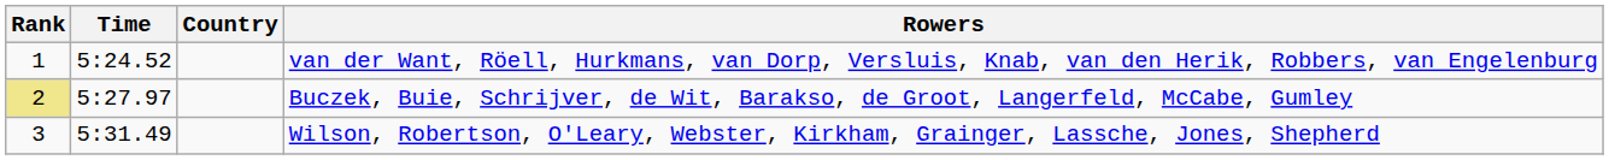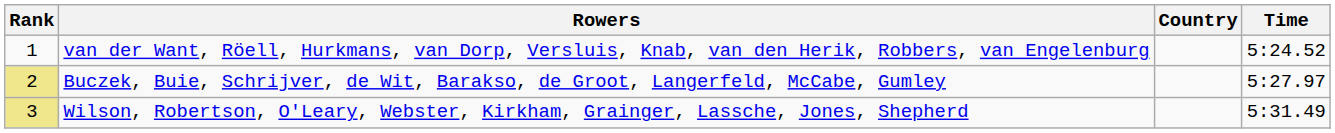 <table class="wikitable" style="text-align:center">
 <tr>
 <th>Rank</th>
+<th>Rowers</th>
+<th>Country</th>
 <th>Time</th>
-<th>Country</th>
-<th>Rowers</th>
 </tr>
 <tr>
 <td>1</td>
+<td align="left"><a href='#'>van der Want</a>, <a href='#'>Röell</a>, <a href='#'>Hurkmans</a>, <a href='#'>van Dorp</a>, <a href='#'>Versluis</a>, <a href='#'>Knab</a>, <a href='#'>van den Herik</a>, <a href='#'>Robbers</a>, <a href='#'>van Engelenburg</a></td>
+<td align="left"></td>
 <td>5:24.52</td>
-<td align="left"></td>
-<td align="left"><a href='#'>van der Want</a>, <a href='#'>Röell</a>, <a href='#'>Hurkmans</a>, <a href='#'>van Dorp</a>, <a href='#'>Versluis</a>, <a href='#'>Knab</a>, <a href='#'>van den Herik</a>, <a href='#'>Robbers</a>, <a href='#'>van Engelenburg</a></td>
 </tr>
 <tr>
 <td style="background: khaki;">2</td>
+<td align="left"><a href='#'>Buczek</a>, <a href='#'>Buie</a>, <a href='#'>Schrijver</a>, <a href='#'>de Wit</a>, <a href='#'>Barakso</a>, <a href='#'>de Groot</a>, <a href='#'>Langerfeld</a>, <a href='#'>McCabe</a>, <a href='#'>Gumley</a></td>
+<td align="left"></td>
 <td>5:27.97</td>
-<td align="left"></td>
-<td align="left"><a href='#'>Buczek</a>, <a href='#'>Buie</a>, <a href='#'>Schrijver</a>, <a href='#'>de Wit</a>, <a href='#'>Barakso</a>, <a href='#'>de Groot</a>, <a href='#'>Langerfeld</a>, <a href='#'>McCabe</a>, <a href='#'>Gumley</a></td>
 </tr>
 <tr>
-<td>3</td>
+<td style="background: khaki;">3</td>
+<td align="left"><a href='#'>Wilson</a>, <a href='#'>Robertson</a>, <a href='#'>O'Leary</a>, <a href='#'>Webster</a>, <a href='#'>Kirkham</a>, <a href='#'>Grainger</a>, <a href='#'>Lassche</a>, <a href='#'>Jones</a>, <a href='#'>Shepherd</a></td>
+<td align="left"></td>
 <td>5:31.49</td>
-<td align="left"></td>
-<td align="left"><a href='#'>Wilson</a>, <a href='#'>Robertson</a>, <a href='#'>O'Leary</a>, <a href='#'>Webster</a>, <a href='#'>Kirkham</a>, <a href='#'>Grainger</a>, <a href='#'>Lassche</a>, <a href='#'>Jones</a>, <a href='#'>Shepherd</a></td>
 </tr>
 </table>
